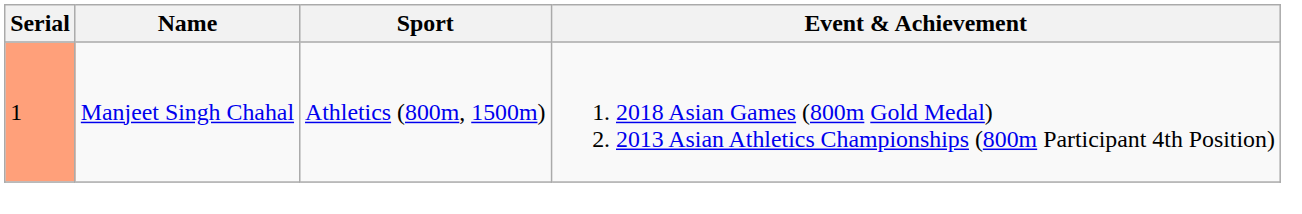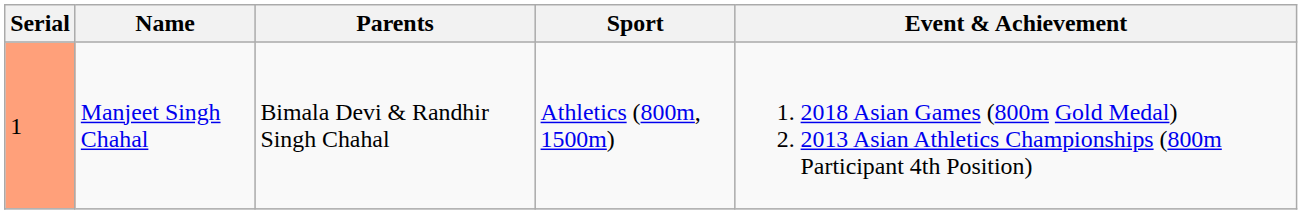 <table class="wikitable">
 <tr>
 <th>Serial</th>
 <th>Name</th>
+<th>Parents</th>
 <th>Sport</th>
 <th>Event & Achievement</th>
 </tr>
 <tr>
 <td style="background: lightsalmon;">1</td>
 <td><a href='#'>Manjeet Singh Chahal</a></td>
+<td>Bimala Devi & Randhir Singh Chahal</td>
 <td><a href='#'>Athletics</a> (<a href='#'>800m</a>, <a href='#'>1500m</a>)</td>
 <td><br><ol><li><a href='#'>2018 Asian Games</a> (<a href='#'>800m</a> <a href='#'>Gold Medal</a>)</li><li><a href='#'>2013 Asian Athletics Championships</a> (<a href='#'>800m</a> Participant 4th Position)</li></ol></td>
 </tr>
 </table>
